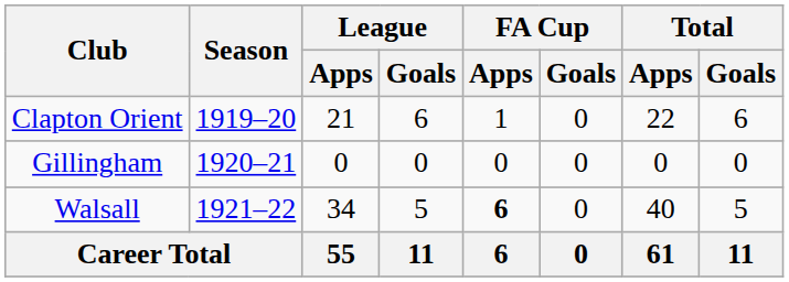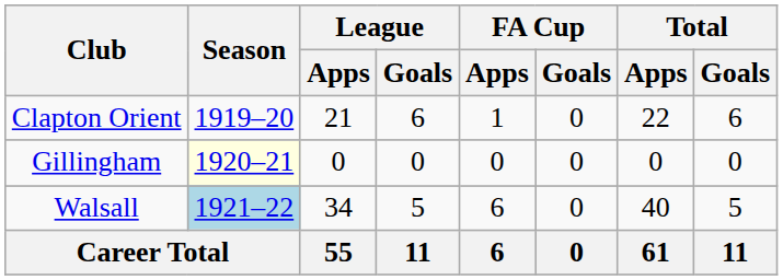 <table class="wikitable" style="text-align: center;">
 <tr>
 <th rowspan="2">Club</th>
 <th rowspan="2">Season</th>
 <th colspan="2">League</th>
 <th colspan="2">FA Cup</th>
 <th colspan="2">Total</th>
 </tr>
 <tr>
 <th>Apps</th>
 <th>Goals</th>
 <th>Apps</th>
 <th>Goals</th>
 <th>Apps</th>
 <th>Goals</th>
 </tr>
 <tr>
 <td><a href='#'>Clapton Orient</a></td>
 <td><a href='#'>1919–20</a></td>
 <td>21</td>
 <td>6</td>
 <td>1</td>
 <td>0</td>
 <td>22</td>
 <td>6</td>
 </tr>
 <tr>
 <td><a href='#'>Gillingham</a></td>
-<td><a href='#'>1920–21</a></td>
+<td style="background: lightyellow;"><a href='#'>1920–21</a></td>
 <td>0</td>
 <td>0</td>
 <td>0</td>
 <td>0</td>
 <td>0</td>
 <td>0</td>
 </tr>
 <tr>
 <td><a href='#'>Walsall</a></td>
-<td><a href='#'>1921–22</a></td>
+<td style="background: lightblue;"><a href='#'>1921–22</a></td>
 <td>34</td>
 <td>5</td>
-<td><strong>6</strong></td>
+<td>6</td>
 <td>0</td>
 <td>40</td>
 <td>5</td>
 </tr>
 <tr>
 <th colspan="2">Career Total</th>
 <th>55</th>
 <th>11</th>
 <th>6</th>
 <th>0</th>
 <th>61</th>
 <th>11</th>
 </tr>
 </table>
